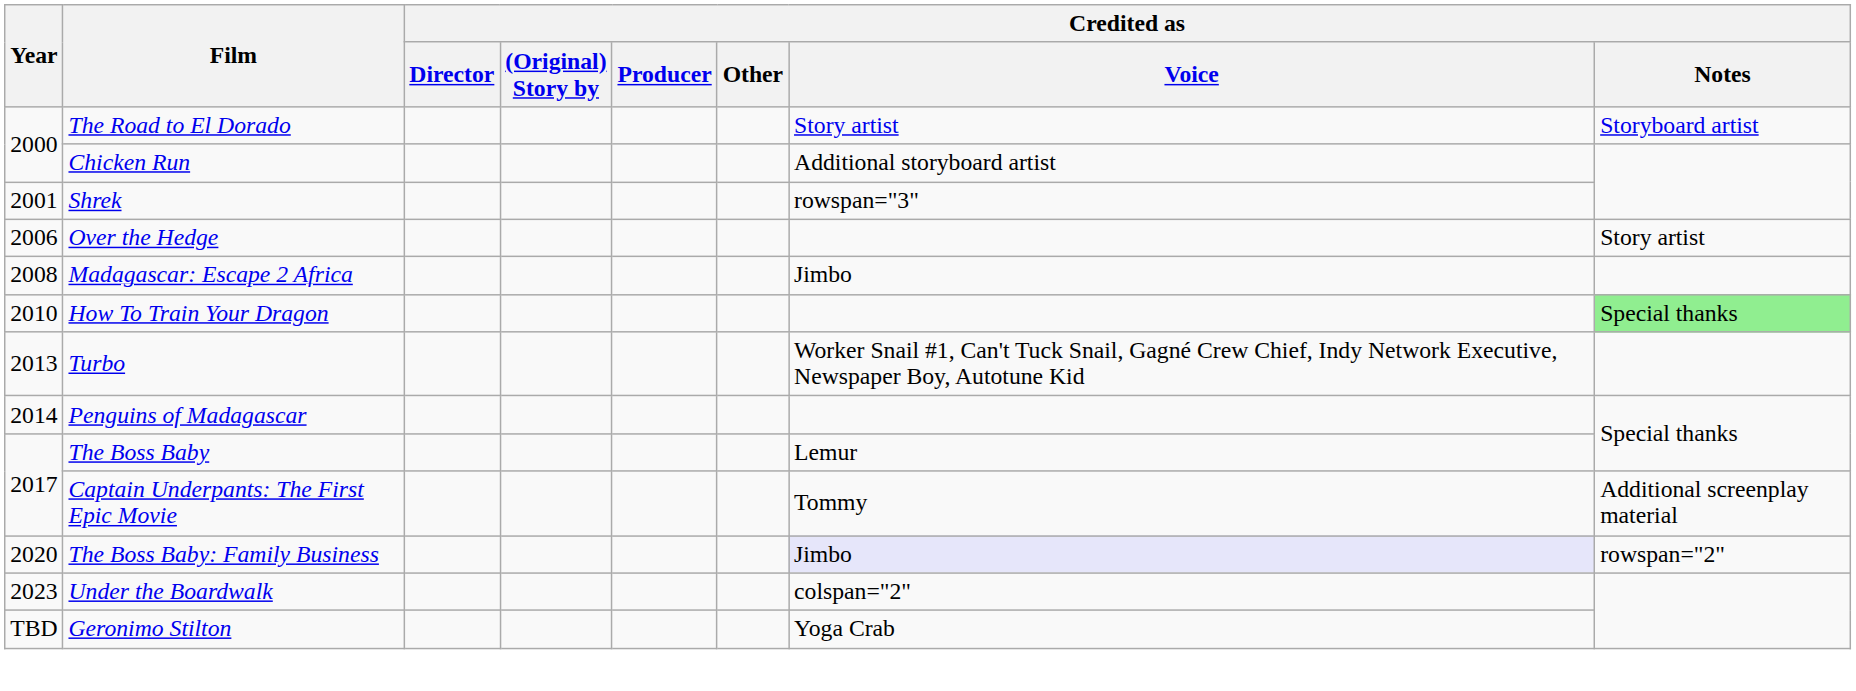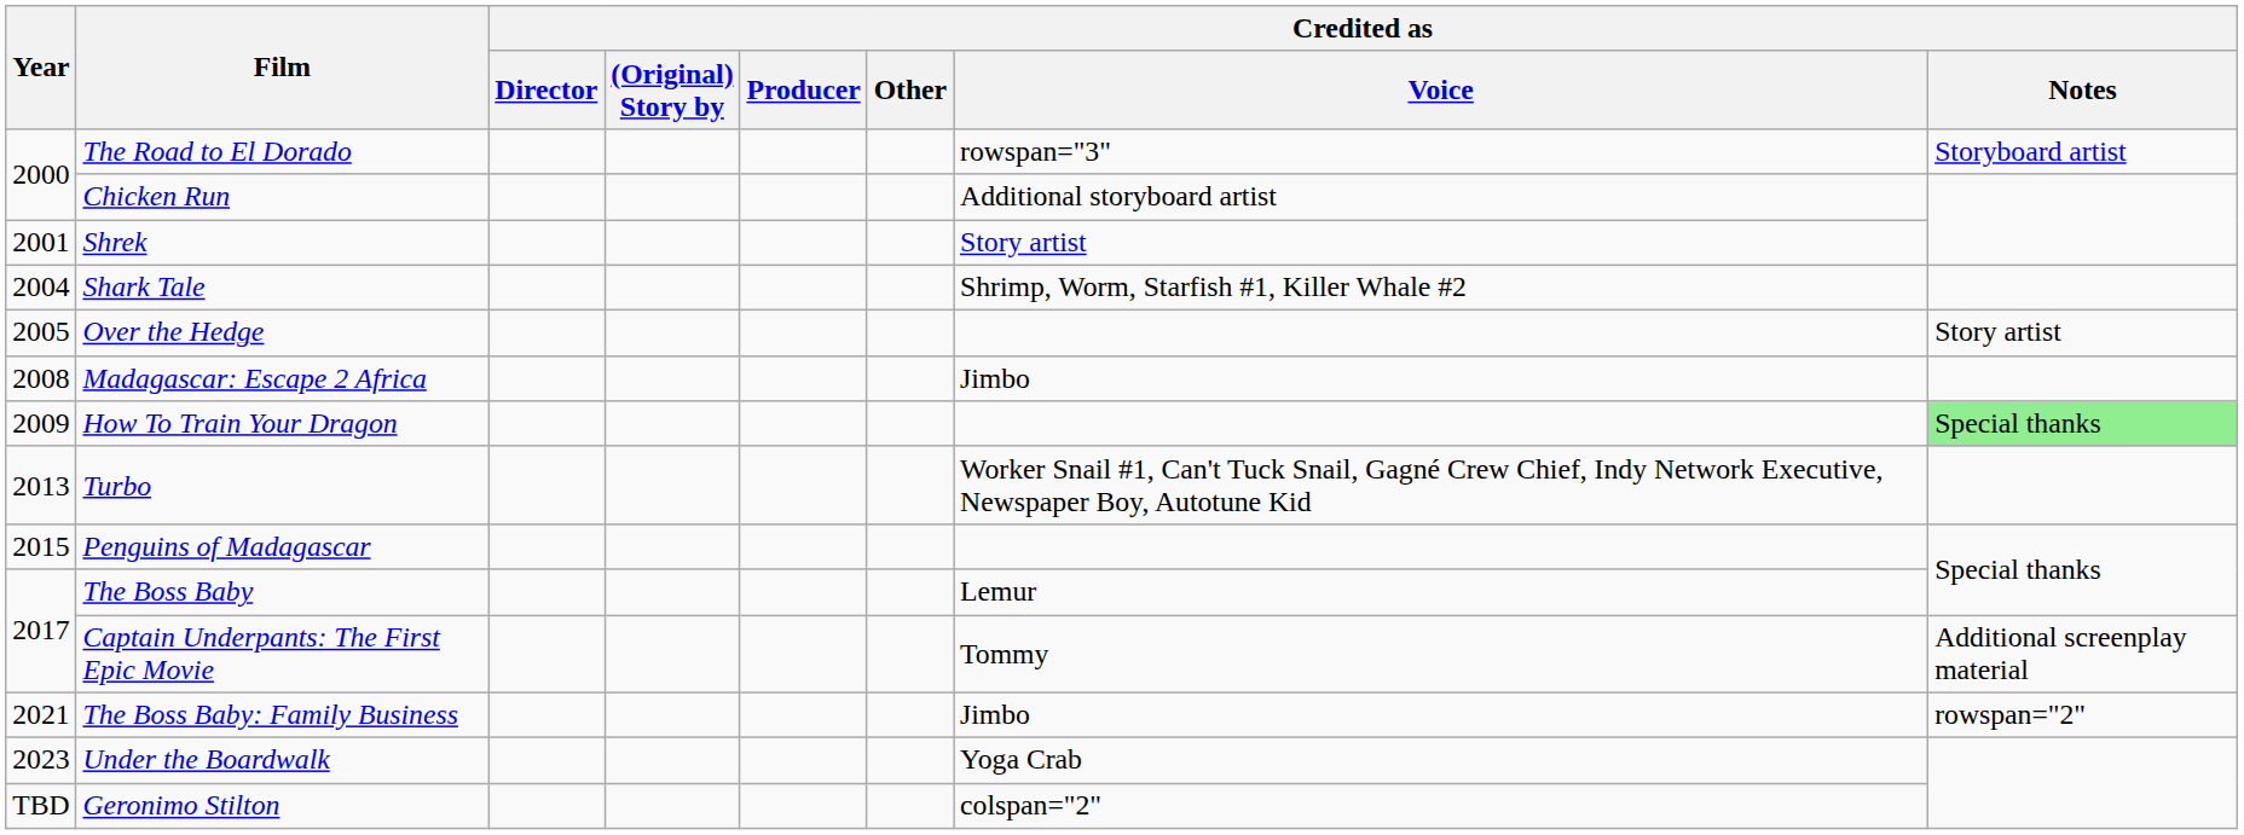 <table class="wikitable">
 <tr>
 <th rowspan="2">Year</th>
 <th rowspan="2">Film</th>
 <th colspan="6">Credited as</th>
 </tr>
 <tr>
 <th><a href='#'>Director</a></th>
 <th><a href='#'>(Original)<br>Story by</a></th>
 <th><a href='#'>Producer</a></th>
 <th>Other</th>
 <th><a href='#'>Voice</a></th>
 <th>Notes</th>
 </tr>
 <tr>
 <td rowspan="2">2000</td>
 <td><em><a href='#'>The Road to El Dorado</a></em></td>
 <td></td>
 <td></td>
 <td></td>
 <td></td>
-<td><a href='#'>Story artist</a></td>
+<td>rowspan="3"</td>
 <td><a href='#'>Storyboard artist</a></td>
 </tr>
 <tr>
 <td><em><a href='#'>Chicken Run</a></em></td>
 <td></td>
 <td></td>
 <td></td>
 <td></td>
 <td>Additional storyboard artist</td>
 </tr>
 <tr>
 <td>2001</td>
 <td><em><a href='#'>Shrek</a></em></td>
 <td></td>
 <td></td>
 <td></td>
 <td></td>
-<td>rowspan="3"</td>
+<td><a href='#'>Story artist</a></td>
 </tr>
 <tr>
-<td>2006</td>
+<td>2004</td>
+<td><em><a href='#'>Shark Tale</a></em></td>
+<td></td>
+<td></td>
+<td></td>
+<td></td>
+<td>Shrimp, Worm, Starfish #1, Killer Whale #2</td>
+<td></td>
+</tr>
+<tr>
+<td>2005</td>
 <td><em><a href='#'>Over the Hedge</a></em></td>
 <td></td>
 <td></td>
 <td></td>
 <td></td>
 <td></td>
 <td>Story artist</td>
 </tr>
 <tr>
 <td>2008</td>
 <td><em><a href='#'>Madagascar: Escape 2 Africa</a></em></td>
 <td></td>
 <td></td>
 <td></td>
 <td></td>
 <td>Jimbo</td>
 <td></td>
 </tr>
 <tr>
-<td>2010</td>
+<td>2009</td>
 <td><em><a href='#'>How To Train Your Dragon</a></em></td>
 <td></td>
 <td></td>
 <td></td>
 <td></td>
 <td></td>
 <td style="background: lightgreen;">Special thanks</td>
 </tr>
 <tr>
 <td>2013</td>
 <td><em><a href='#'>Turbo</a></em></td>
 <td></td>
 <td></td>
 <td></td>
 <td></td>
 <td>Worker Snail #1, Can't Tuck Snail, Gagné Crew Chief, Indy Network Executive, Newspaper Boy, Autotune Kid</td>
 <td></td>
 </tr>
 <tr>
-<td>2014</td>
+<td>2015</td>
 <td><em><a href='#'>Penguins of Madagascar</a></em></td>
 <td></td>
 <td></td>
 <td></td>
 <td></td>
 <td></td>
 <td rowspan="2">Special thanks</td>
 </tr>
 <tr>
 <td rowspan="2">2017</td>
 <td><em><a href='#'>The Boss Baby</a></em></td>
 <td></td>
 <td></td>
 <td></td>
 <td></td>
 <td>Lemur</td>
 </tr>
 <tr>
 <td><em><a href='#'>Captain Underpants: The First Epic Movie</a></em></td>
 <td></td>
 <td></td>
 <td></td>
 <td></td>
 <td>Tommy</td>
 <td>Additional screenplay material</td>
 </tr>
 <tr>
-<td>2020</td>
+<td>2021</td>
 <td><em><a href='#'>The Boss Baby: Family Business</a></em></td>
 <td></td>
 <td></td>
 <td></td>
 <td></td>
-<td style="background: lavender;">Jimbo</td>
+<td>Jimbo</td>
 <td>rowspan="2"</td>
 </tr>
 <tr>
 <td>2023</td>
 <td><em><a href='#'>Under the Boardwalk</a></em></td>
 <td></td>
 <td></td>
 <td></td>
 <td></td>
-<td>colspan="2"</td>
+<td>Yoga Crab</td>
 </tr>
 <tr>
 <td>TBD</td>
 <td><em><a href='#'>Geronimo Stilton</a></em></td>
 <td></td>
 <td></td>
 <td></td>
 <td></td>
-<td>Yoga Crab</td>
+<td>colspan="2"</td>
 </tr>
 </table>
